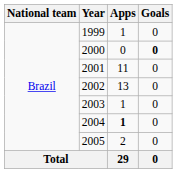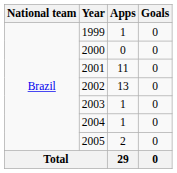 <table class="wikitable" style="text-align:center">
 <tr>
 <th>National team</th>
 <th>Year</th>
 <th>Apps</th>
 <th>Goals</th>
 </tr>
 <tr>
 <td rowspan="7"><a href='#'>Brazil</a></td>
 <td>1999</td>
 <td>1</td>
 <td>0</td>
 </tr>
 <tr>
 <td>2000</td>
 <td>0</td>
-<td><strong>0</strong></td>
+<td>0</td>
 </tr>
 <tr>
 <td>2001</td>
 <td>11</td>
 <td>0</td>
 </tr>
 <tr>
 <td>2002</td>
 <td>13</td>
 <td>0</td>
 </tr>
 <tr>
 <td>2003</td>
 <td>1</td>
 <td>0</td>
 </tr>
 <tr>
 <td>2004</td>
-<td><strong>1</strong></td>
+<td>1</td>
 <td>0</td>
 </tr>
 <tr>
 <td>2005</td>
 <td>2</td>
 <td>0</td>
 </tr>
 <tr>
 <th colspan="2">Total</th>
 <th>29</th>
 <th>0</th>
 </tr>
 </table>
